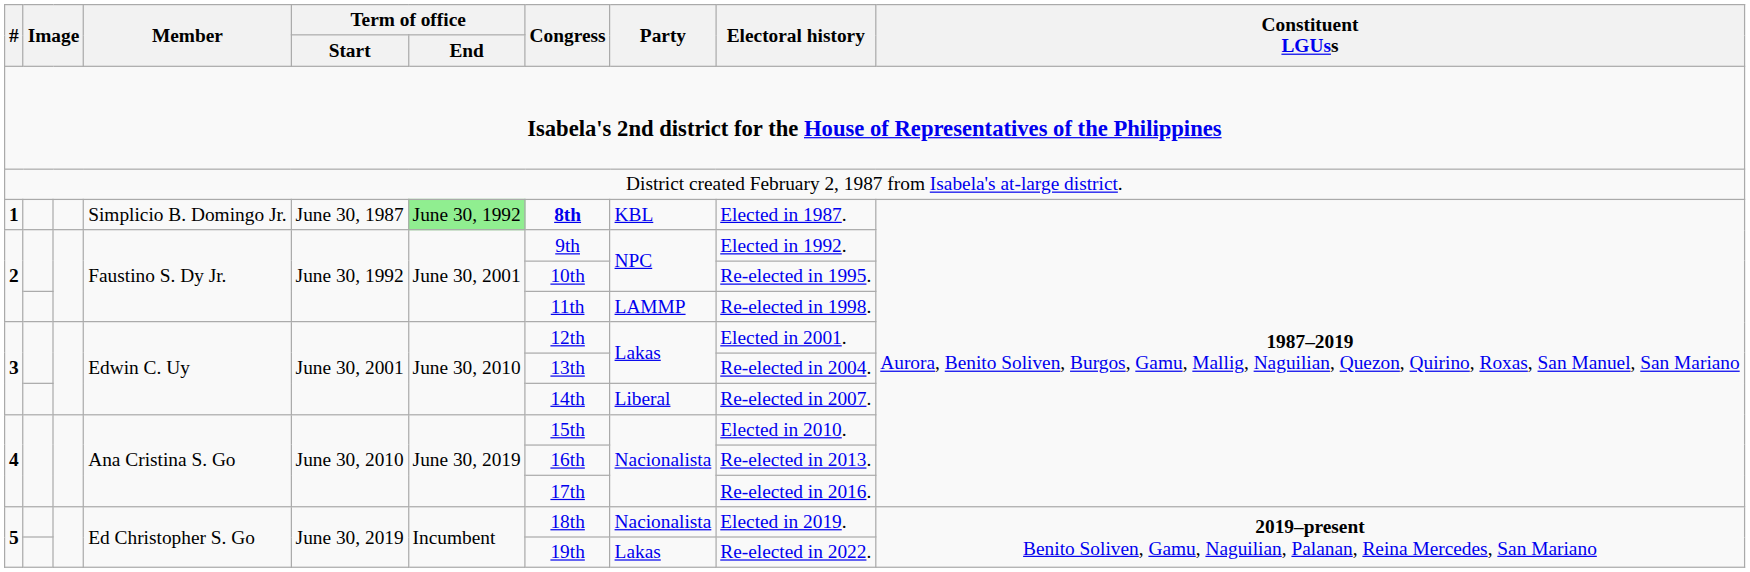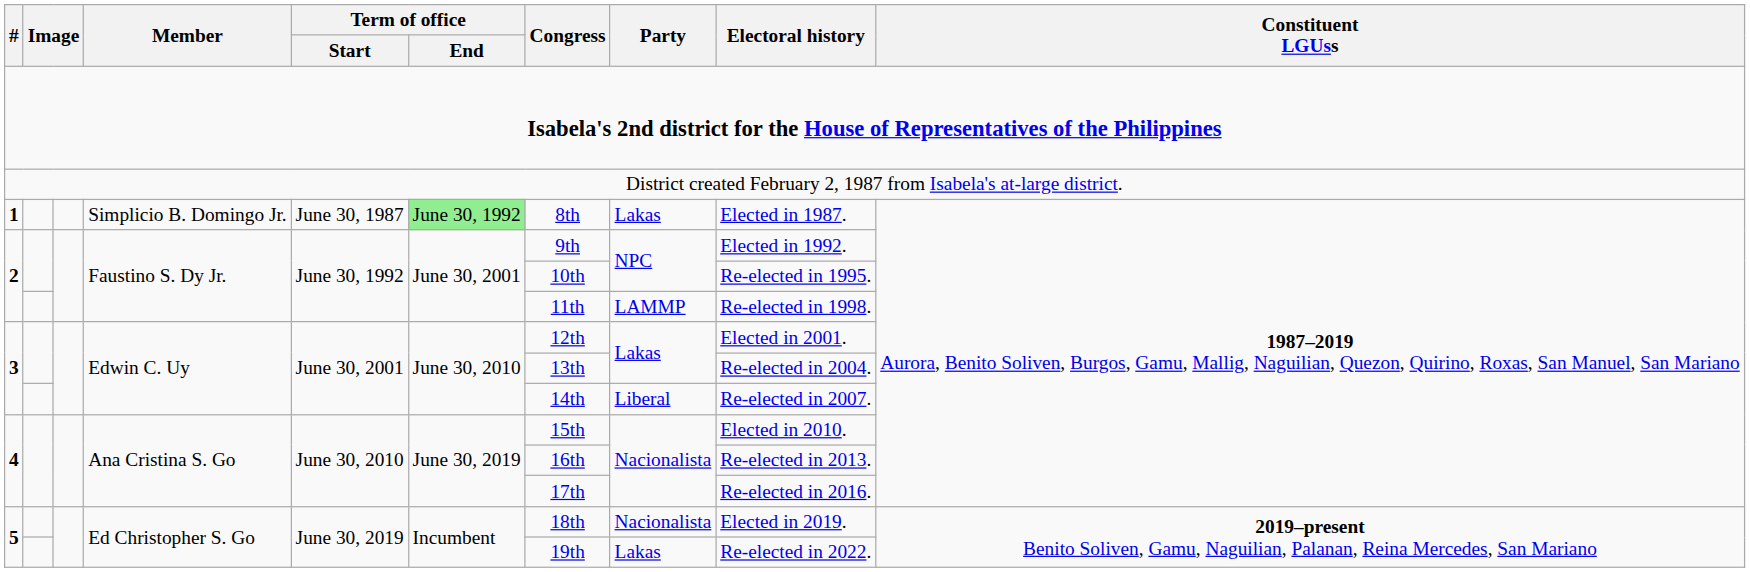 <table class=wikitable>
 <tr>
 <th rowspan="2">#</th>
 <th rowspan="2" colspan=2>Image</th>
 <th rowspan="2">Member</th>
 <th colspan=2>Term of office</th>
 <th rowspan="2">Congress</th>
 <th rowspan="2">Party</th>
 <th rowspan="2">Electoral history</th>
 <th rowspan="2">Constituent<br><a href='#'>LGUs</a>s</th>
 </tr>
 <tr>
 <th>Start</th>
 <th>End</th>
 </tr>
 <tr>
 <td colspan="10" style="text-align:center;"><br><h3>Isabela's 2nd district for the <a href='#'>House of Representatives of the Philippines</a></h3></td>
 </tr>
 <tr>
 <td colspan="10" style="text-align:center;">District created February 2, 1987 from <a href='#'>Isabela's at-large district</a>.</td>
 </tr>
 <tr>
 <td style="text-align:center;"><strong>1</strong></td>
 <td style="color:inherit;background:"></td>
 <td></td>
 <td>Simplicio B. Domingo Jr.</td>
 <td>June 30, 1987</td>
 <td style="background: lightgreen;">June 30, 1992</td>
-<td style="text-align:center;"><strong><a href='#'>8th</a></strong></td>
-<td><a href='#'>KBL</a></td>
+<td style="text-align:center;"><a href='#'>8th</a></td>
+<td><a href='#'>Lakas</a></td>
 <td><a href='#'>Elected in 1987</a>.</td>
 <td rowspan="10" style="text-align:center;"><strong>1987–2019</strong><br><a href='#'>Aurora</a>, <a href='#'>Benito Soliven</a>, <a href='#'>Burgos</a>, <a href='#'>Gamu</a>, <a href='#'>Mallig</a>, <a href='#'>Naguilian</a>, <a href='#'>Quezon</a>, <a href='#'>Quirino</a>, <a href='#'>Roxas</a>, <a href='#'>San Manuel</a>, <a href='#'>San Mariano</a></td>
 </tr>
 <tr>
 <td rowspan="3" style="text-align:center;"><strong>2</strong></td>
 <td rowspan="2" style="color:inherit;background:"></td>
 <td rowspan="3"></td>
 <td rowspan="3">Faustino S. Dy Jr.</td>
 <td rowspan="3">June 30, 1992</td>
 <td rowspan="3">June 30, 2001</td>
 <td style="text-align:center;"><a href='#'>9th</a></td>
 <td rowspan="2"><a href='#'>NPC</a></td>
 <td><a href='#'>Elected in 1992</a>.</td>
 </tr>
 <tr>
 <td style="text-align:center;"><a href='#'>10th</a></td>
 <td><a href='#'>Re-elected in 1995</a>.</td>
 </tr>
 <tr>
 <td style="color:inherit;background:"></td>
 <td style="text-align:center;"><a href='#'>11th</a></td>
 <td><a href='#'>LAMMP</a></td>
 <td><a href='#'>Re-elected in 1998</a>.</td>
 </tr>
 <tr>
 <td rowspan="3" style="text-align:center;"><strong>3</strong></td>
 <td rowspan="2" style="color:inherit;background:"></td>
 <td rowspan="3"></td>
 <td rowspan="3">Edwin C. Uy</td>
 <td rowspan="3">June 30, 2001</td>
 <td rowspan="3">June 30, 2010</td>
 <td style="text-align:center;"><a href='#'>12th</a></td>
 <td rowspan="2"><a href='#'>Lakas</a></td>
 <td><a href='#'>Elected in 2001</a>.</td>
 </tr>
 <tr>
 <td style="text-align:center;"><a href='#'>13th</a></td>
 <td><a href='#'>Re-elected in 2004</a>.</td>
 </tr>
 <tr>
 <td style="color:inherit;background:"></td>
 <td style="text-align:center;"><a href='#'>14th</a></td>
 <td><a href='#'>Liberal</a></td>
 <td><a href='#'>Re-elected in 2007</a>.</td>
 </tr>
 <tr>
 <td rowspan="3" style="text-align:center;"><strong>4</strong></td>
 <td rowspan="3" style="color:inherit;background:"></td>
 <td rowspan="3"></td>
 <td rowspan="3">Ana Cristina S. Go</td>
 <td rowspan="3">June 30, 2010</td>
 <td rowspan="3">June 30, 2019</td>
 <td style="text-align:center;"><a href='#'>15th</a></td>
 <td rowspan="3"><a href='#'>Nacionalista</a></td>
 <td><a href='#'>Elected in 2010</a>.</td>
 </tr>
 <tr>
 <td style="text-align:center;"><a href='#'>16th</a></td>
 <td><a href='#'>Re-elected in 2013</a>.</td>
 </tr>
 <tr>
 <td style="text-align:center;"><a href='#'>17th</a></td>
 <td><a href='#'>Re-elected in 2016</a>.</td>
 </tr>
 <tr>
 <td rowspan="2" style="text-align:center;"><strong>5</strong></td>
 <td style="color:inherit;background:"></td>
 <td rowspan="2"></td>
 <td rowspan="2">Ed Christopher S. Go</td>
 <td rowspan="2">June 30, 2019</td>
 <td rowspan="2">Incumbent</td>
 <td style="text-align:center;"><a href='#'>18th</a></td>
 <td><a href='#'>Nacionalista</a></td>
 <td><a href='#'>Elected in 2019</a>.</td>
 <td rowspan="2" style="text-align:center;"><strong>2019–present</strong><br><a href='#'>Benito Soliven</a>, <a href='#'>Gamu</a>, <a href='#'>Naguilian</a>, <a href='#'>Palanan</a>, <a href='#'>Reina Mercedes</a>, <a href='#'>San Mariano</a></td>
 </tr>
 <tr>
 <td style="color:inherit;background:"></td>
 <td style="text-align:center;" rowspan="2"><a href='#'>19th</a></td>
 <td><a href='#'>Lakas</a></td>
 <td><a href='#'>Re-elected in 2022</a>.</td>
 </tr>
 </table>
